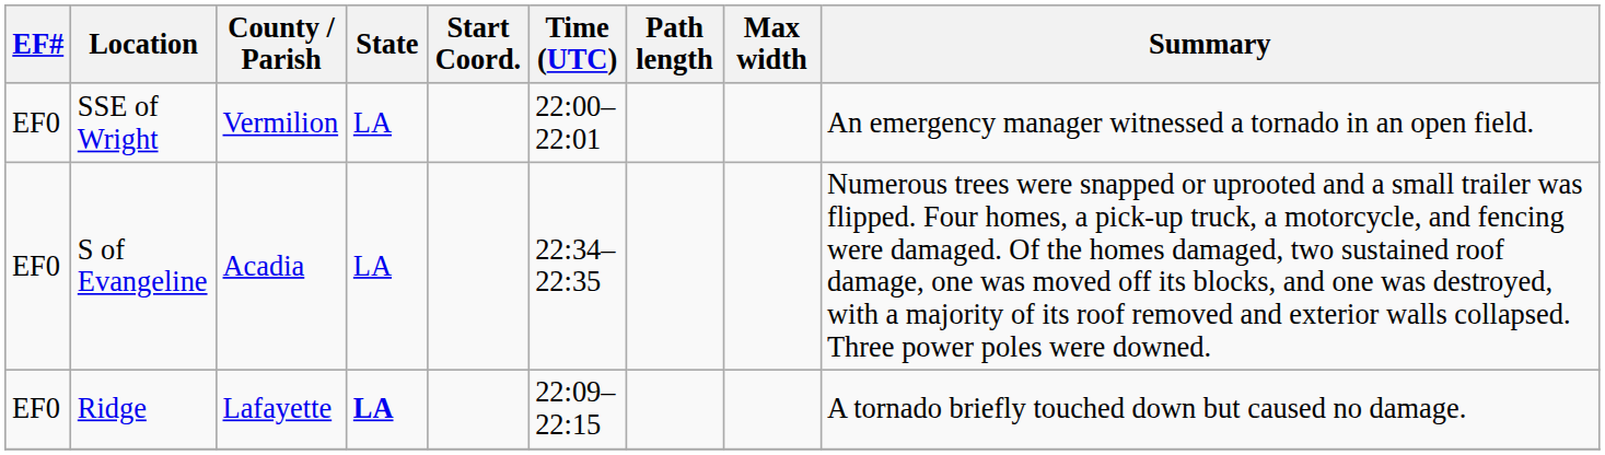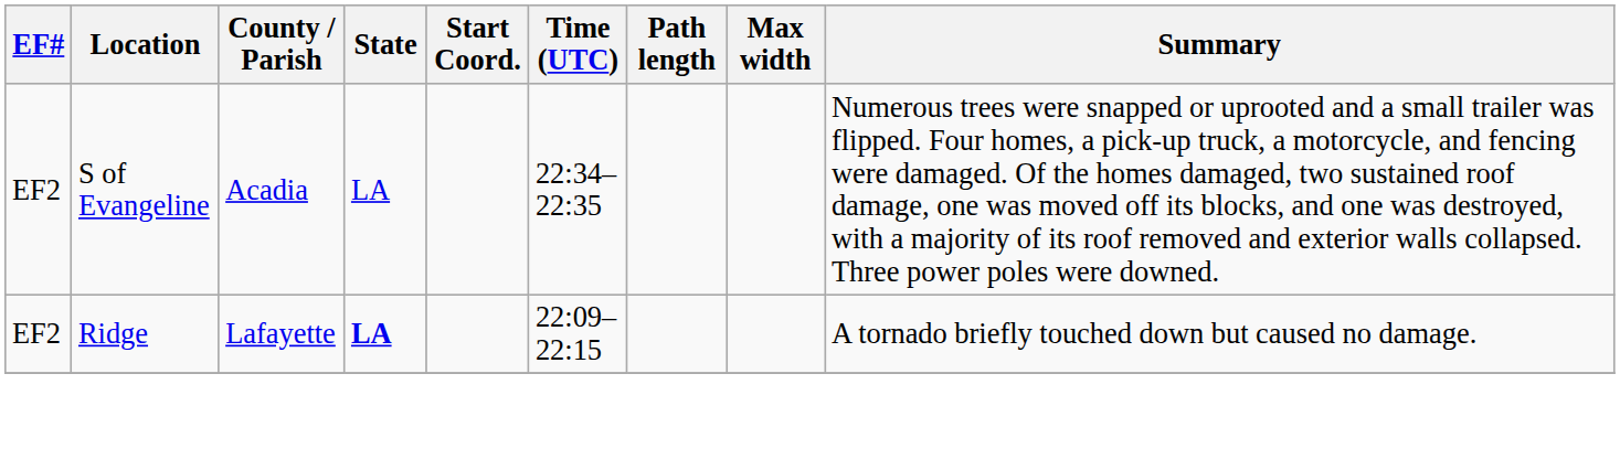 <table class="wikitable sortable" style="width:100%;">
 <tr>
 <th scope="col"  style="width:3%; text-align:center;"><a href='#'>EF#</a></th>
 <th scope="col"  style="width:7%; text-align:center;" class="unsortable">Location</th>
 <th scope="col"  style="width:6%; text-align:center;" class="unsortable">County / Parish</th>
 <th scope="col"  style="width:5%; text-align:center;">State</th>
 <th scope="col"  style="width:6%; text-align:center;">Start Coord.</th>
 <th scope="col"  style="width:6%; text-align:center;">Time (<a href='#'>UTC</a>)</th>
 <th scope="col"  style="width:6%; text-align:center;">Path length</th>
 <th scope="col"  style="width:6%; text-align:center;">Max width</th>
 <th scope="col" class="unsortable" style="width:48%; text-align:center;">Summary</th>
 </tr>
 <tr>
-<td>EF0</td>
-<td>SSE of <a href='#'>Wright</a></td>
-<td><a href='#'>Vermilion</a></td>
-<td><a href='#'>LA</a></td>
-<td></td>
-<td>22:00–22:01</td>
-<td></td>
-<td></td>
-<td>An emergency manager witnessed a tornado in an open field.</td>
-</tr>
-<tr>
-<td>EF0</td>
+<td>EF2</td>
 <td>S of <a href='#'>Evangeline</a></td>
 <td><a href='#'>Acadia</a></td>
 <td><a href='#'>LA</a></td>
 <td></td>
 <td>22:34–22:35</td>
 <td></td>
 <td></td>
 <td>Numerous trees were snapped or uprooted and a small trailer was flipped. Four homes, a pick-up truck, a motorcycle, and fencing were damaged. Of the homes damaged, two sustained roof damage, one was moved off its blocks, and one was destroyed, with a majority of its roof removed and exterior walls collapsed. Three power poles were downed.</td>
 </tr>
 <tr>
-<td>EF0</td>
+<td>EF2</td>
 <td><a href='#'>Ridge</a></td>
 <td><a href='#'>Lafayette</a></td>
 <td><strong><a href='#'>LA</a></strong></td>
 <td></td>
 <td>22:09–22:15</td>
 <td></td>
 <td></td>
 <td>A tornado briefly touched down but caused no damage.</td>
 </tr>
 <tr>
 </tr>
 </table>
